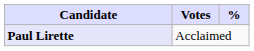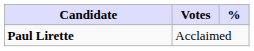 <table class="wikitable">
 <tr>
 <th style="background:#ddf; width:200px;">Candidate</th>
 <th style="background:#ddf; width:50px;">Votes</th>
 <th style="background:#ddf; width:30px;">%</th>
 </tr>
 <tr>
-<td style="background: lavender;"><strong>Paul Lirette</strong></td>
+<td><strong>Paul Lirette</strong></td>
 <td colspan="2">Acclaimed</td>
 </tr>
 </table>
